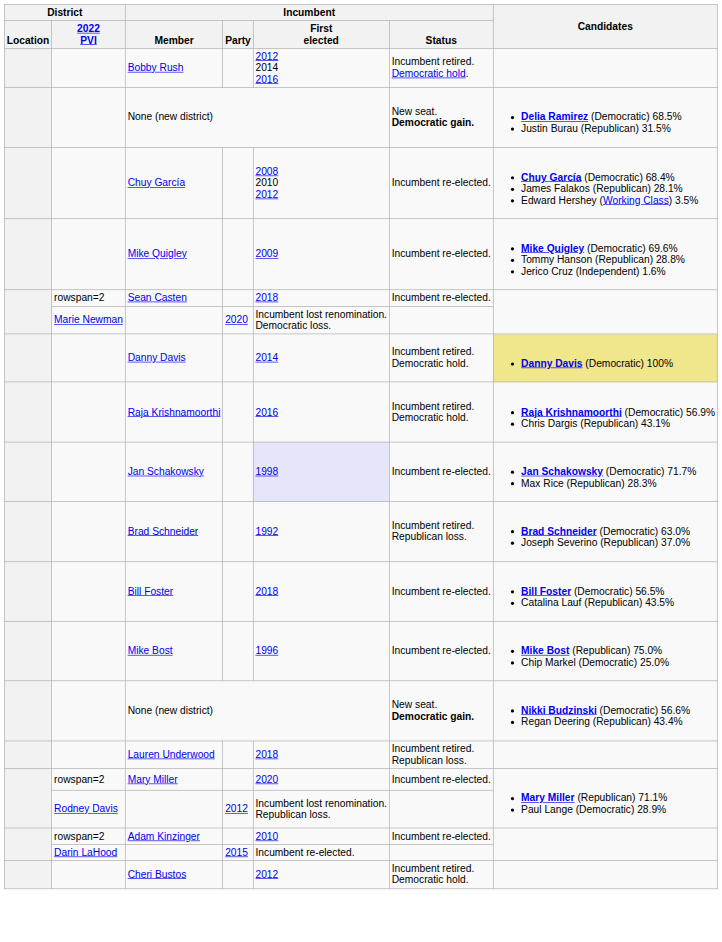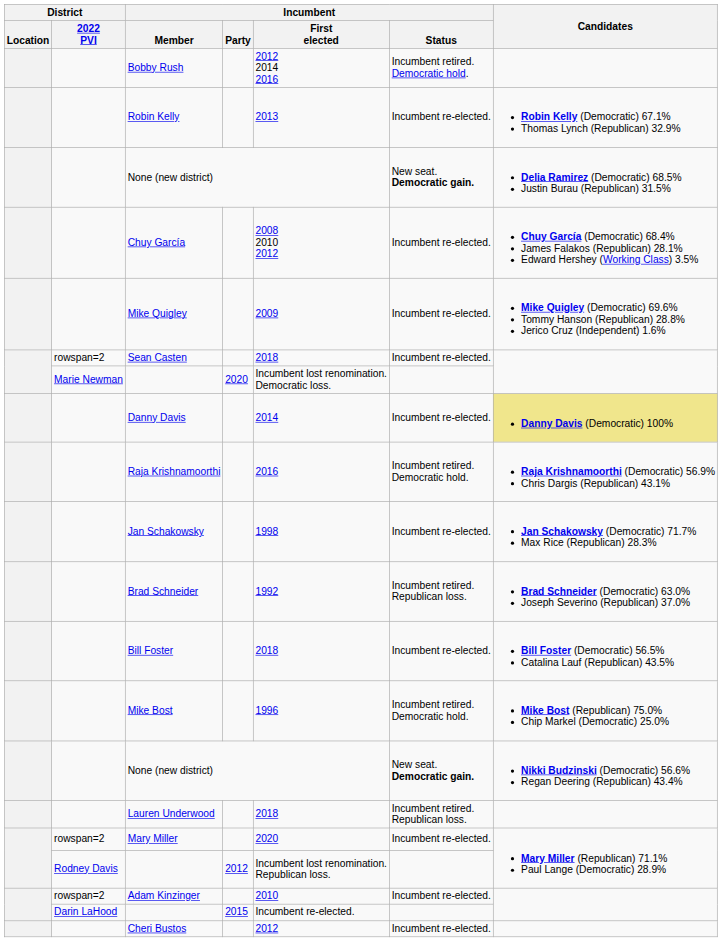 <table class="wikitable sortable">
 <tr>
 <th colspan=2>District</th>
 <th colspan=4>Incumbent</th>
 <th rowspan=2 class="unsortable">Candidates</th>
 </tr>
 <tr valign=bottom>
 <th>Location</th>
 <th><a href='#'>2022<br>PVI</a></th>
 <th>Member</th>
 <th>Party</th>
 <th>First<br>elected</th>
 <th>Status</th>
 </tr>
 <tr>
 <th></th>
 <td></td>
 <td><a href='#'>Bobby Rush</a></td>
 <td></td>
 <td><a href='#'>2012</a><br>2014 <br><a href='#'>2016</a></td>
 <td>Incumbent retired.<br><a href='#'>Democratic hold</a>.</td>
 <td nowrap></td>
+</tr>
+<tr>
+<th></th>
+<td></td>
+<td><a href='#'>Robin Kelly</a></td>
+<td></td>
+<td><a href='#'>2013 </a></td>
+<td>Incumbent re-elected.</td>
+<td nowrap><br><ul><li> <strong><a href='#'>Robin Kelly</a></strong> (Democratic) 67.1%</li><li>Thomas Lynch (Republican) 32.9%</li></ul></td>
 </tr>
 <tr>
 <th></th>
 <td></td>
 <td colspan=3>None (new district)</td>
 <td>New seat.<br><strong>Democratic gain.</strong></td>
 <td nowrap><br><ul><li> <strong><a href='#'>Delia Ramirez</a></strong> (Democratic) 68.5%</li><li>Justin Burau (Republican) 31.5%</li></ul></td>
 </tr>
 <tr>
 <th></th>
 <td></td>
 <td><a href='#'>Chuy García</a></td>
 <td></td>
 <td><a href='#'>2008 </a><br>2010 <br><a href='#'>2012</a></td>
 <td>Incumbent re-elected.</td>
 <td nowrap><br><ul><li> <strong><a href='#'>Chuy García</a></strong> (Democratic) 68.4%</li><li>James Falakos (Republican) 28.1%</li><li>Edward Hershey (<a href='#'>Working Class</a>) 3.5%</li></ul></td>
 </tr>
 <tr>
 <th></th>
 <td></td>
 <td><a href='#'>Mike Quigley</a></td>
 <td></td>
 <td><a href='#'>2009 </a></td>
 <td>Incumbent re-elected.</td>
 <td nowrap><br><ul><li> <strong><a href='#'>Mike Quigley</a></strong> (Democratic) 69.6%</li><li>Tommy Hanson (Republican) 28.8%</li><li>Jerico Cruz (Independent) 1.6%</li></ul></td>
 </tr>
 <tr>
 <th rowspan=2></th>
 <td>rowspan=2 </td>
 <td><a href='#'>Sean Casten</a></td>
 <td></td>
 <td><a href='#'>2018</a></td>
 <td>Incumbent re-elected.</td>
 <td rowspan=2 nowrap></td>
 </tr>
 <tr>
 <td><a href='#'>Marie Newman</a> <br></td>
 <td></td>
 <td><a href='#'>2020</a></td>
 <td>Incumbent lost renomination.<br>Democratic loss.</td>
 </tr>
 <tr>
 <th></th>
 <td></td>
 <td><a href='#'>Danny Davis</a></td>
 <td></td>
 <td><a href='#'>2014</a></td>
-<td>Incumbent retired.<br>Democratic hold.</td>
+<td>Incumbent re-elected.</td>
 <td nowrap style="background: khaki;"><br><ul><li> <strong><a href='#'>Danny Davis</a></strong> (Democratic) 100%</li></ul></td>
 </tr>
 <tr>
 <th></th>
 <td></td>
 <td><a href='#'>Raja Krishnamoorthi</a></td>
 <td></td>
 <td><a href='#'>2016</a></td>
 <td>Incumbent retired.<br>Democratic hold.</td>
 <td nowrap><br><ul><li> <strong><a href='#'>Raja Krishnamoorthi</a></strong> (Democratic) 56.9%</li><li>Chris Dargis (Republican) 43.1%</li></ul></td>
 </tr>
 <tr>
 <th></th>
 <td></td>
 <td><a href='#'>Jan Schakowsky</a></td>
 <td></td>
-<td style="background: lavender;"><a href='#'>1998</a></td>
+<td><a href='#'>1998</a></td>
 <td>Incumbent re-elected.</td>
 <td nowrap><br><ul><li> <strong><a href='#'>Jan Schakowsky</a></strong> (Democratic) 71.7%</li><li>Max Rice (Republican) 28.3%</li></ul></td>
 </tr>
 <tr>
 <th></th>
 <td></td>
 <td><a href='#'>Brad Schneider</a></td>
 <td></td>
 <td><a href='#'>1992</a></td>
 <td>Incumbent retired.<br>Republican loss.</td>
 <td nowrap><br><ul><li> <strong><a href='#'>Brad Schneider</a></strong> (Democratic) 63.0%</li><li>Joseph Severino (Republican) 37.0%</li></ul></td>
 </tr>
 <tr>
 <th></th>
 <td></td>
 <td><a href='#'>Bill Foster</a></td>
 <td></td>
 <td><a href='#'>2018</a></td>
 <td>Incumbent re-elected.</td>
 <td nowrap><br><ul><li> <strong><a href='#'>Bill Foster</a></strong> (Democratic) 56.5%</li><li>Catalina Lauf (Republican) 43.5%</li></ul></td>
 </tr>
 <tr>
 <th></th>
 <td></td>
 <td><a href='#'>Mike Bost</a></td>
 <td></td>
 <td><a href='#'>1996</a></td>
-<td>Incumbent re-elected.</td>
+<td>Incumbent retired.<br>Democratic hold.</td>
 <td nowrap><br><ul><li> <strong><a href='#'>Mike Bost</a></strong> (Republican) 75.0%</li><li>Chip Markel (Democratic) 25.0%</li></ul></td>
 </tr>
 <tr>
 <th></th>
 <td></td>
 <td colspan=3>None (new district)</td>
 <td>New seat.<br><strong>Democratic gain.</strong></td>
 <td nowrap><br><ul><li> <strong><a href='#'>Nikki Budzinski</a></strong> (Democratic) 56.6%</li><li>Regan Deering (Republican) 43.4%</li></ul></td>
 </tr>
 <tr>
 <th></th>
 <td></td>
 <td><a href='#'>Lauren Underwood</a></td>
 <td></td>
 <td><a href='#'>2018</a></td>
 <td>Incumbent retired.<br>Republican loss.</td>
 <td nowrap></td>
 </tr>
 <tr>
 <th rowspan=2></th>
 <td>rowspan=2 </td>
 <td><a href='#'>Mary Miller</a></td>
 <td></td>
 <td><a href='#'>2020</a></td>
 <td>Incumbent re-elected.</td>
 <td rowspan=2 nowrap><br><ul><li> <strong><a href='#'>Mary Miller</a></strong> (Republican) 71.1%</li><li>Paul Lange (Democratic) 28.9%</li></ul></td>
 </tr>
 <tr>
 <td><a href='#'>Rodney Davis</a><br></td>
 <td></td>
 <td><a href='#'>2012</a></td>
 <td>Incumbent lost renomination.<br>Republican loss.</td>
 </tr>
 <tr>
 <th rowspan=2></th>
 <td>rowspan=2 </td>
 <td><a href='#'>Adam Kinzinger</a></td>
 <td></td>
 <td><a href='#'>2010</a></td>
 <td>Incumbent re-elected.</td>
 <td rowspan=2 nowrap></td>
 </tr>
 <tr>
 <td><a href='#'>Darin LaHood</a><br></td>
 <td></td>
 <td><a href='#'>2015 </a></td>
 <td>Incumbent re-elected.</td>
 </tr>
 <tr>
 <th></th>
 <td></td>
 <td><a href='#'>Cheri Bustos</a></td>
 <td></td>
 <td><a href='#'>2012</a></td>
-<td>Incumbent retired.<br>Democratic hold.</td>
+<td>Incumbent re-elected.</td>
 <td nowrap></td>
 </tr>
 </table>
